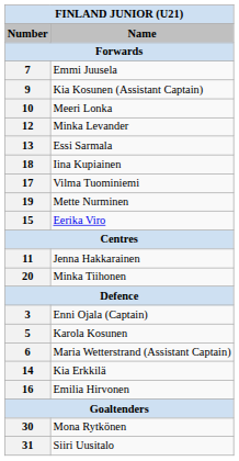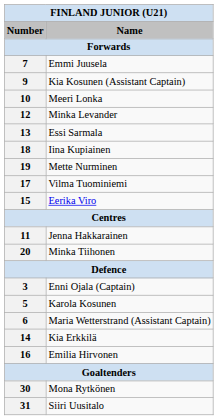 <table class="wikitable" style="text-align:left; font-size:90%;">
 <tr>
 <th style=background:#CEE0F2 colspan=2>FINLAND JUNIOR (U21)</th>
 </tr>
 <tr>
 <th style="background:silver;">Number</th>
 <th style="background:silver;">Name</th>
 </tr>
 <tr>
 <th style=background:#CEE0F2 colspan=2>Forwards</th>
 </tr>
 <tr>
 <th>7</th>
 <td>Emmi Juusela</td>
 </tr>
 <tr>
 <th>9</th>
 <td>Kia Kosunen (Assistant Captain)</td>
 </tr>
 <tr>
 <th>10</th>
 <td>Meeri Lonka</td>
 </tr>
 <tr>
 <th>12</th>
 <td>Minka Levander</td>
 </tr>
 <tr>
 <th>13</th>
 <td>Essi Sarmala</td>
 </tr>
 <tr>
 <th>18</th>
 <td>Iina Kupiainen</td>
 </tr>
 <tr>
+<th>19</th>
+<td>Mette Nurminen</td>
+</tr>
+<tr>
 <th>17</th>
 <td>Vilma Tuominiemi</td>
-</tr>
-<tr>
-<th>19</th>
-<td>Mette Nurminen</td>
 </tr>
 <tr>
 <th>15</th>
 <td><a href='#'>Eerika Viro</a></td>
 </tr>
 <tr>
 <th style=background:#CEE0F2 colspan=2>Centres</th>
 </tr>
 <tr>
 <th>11</th>
 <td>Jenna Hakkarainen</td>
 </tr>
 <tr>
 <th>20</th>
 <td>Minka Tiihonen</td>
 </tr>
 <tr>
 <th style=background:#CEE0F2 colspan=2>Defence</th>
 </tr>
 <tr>
 <th>3</th>
 <td>Enni Ojala (Captain)</td>
 </tr>
 <tr>
 <th>5</th>
 <td>Karola Kosunen</td>
 </tr>
 <tr>
 <th>6</th>
 <td>Maria Wetterstrand (Assistant Captain)</td>
 </tr>
 <tr>
 <th>14</th>
 <td>Kia Erkkilä</td>
 </tr>
 <tr>
 <th>16</th>
 <td>Emilia Hirvonen</td>
 </tr>
 <tr>
 <th style=background:#CEE0F2 colspan=2>Goaltenders</th>
 </tr>
 <tr>
 <th>30</th>
 <td>Mona Rytkönen</td>
 </tr>
 <tr>
 <th>31</th>
 <td>Siiri Uusitalo</td>
 </tr>
 </table>
